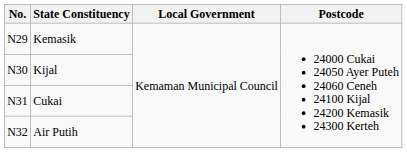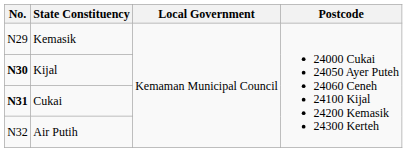 <table class="wikitable">
 <tr>
 <th>No.</th>
 <th>State Constituency</th>
 <th>Local Government</th>
 <th>Postcode</th>
 </tr>
 <tr>
 <td>N29</td>
 <td>Kemasik</td>
 <td rowspan="4">Kemaman Municipal Council</td>
 <td rowspan="4"><br><ul><li>24000 Cukai</li><li>24050 Ayer Puteh</li><li>24060 Ceneh</li><li>24100 Kijal</li><li>24200 Kemasik</li><li>24300 Kerteh</li></ul></td>
 </tr>
 <tr>
-<td>N30</td>
+<td><strong>N30</strong></td>
 <td>Kijal</td>
 </tr>
 <tr>
-<td>N31</td>
+<td><strong>N31</strong></td>
 <td>Cukai</td>
 </tr>
 <tr>
 <td>N32</td>
 <td>Air Putih</td>
 </tr>
 </table>
